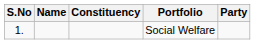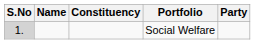 <table class="wikitable" style="text-align:center;">
 <tr>
 <th>S.No</th>
 <th>Name</th>
 <th>Constituency</th>
 <th>Portfolio</th>
 <th colspan="2" scope="col">Party</th>
 </tr>
 <tr>
-<td>1.</td>
+<td style="background: lightgrey;">1.</td>
 <td></td>
 <td></td>
 <td>Social Welfare</td>
 <td></td>
 </tr>
 </table>
